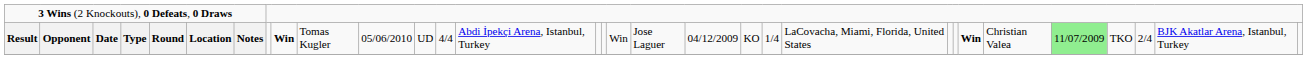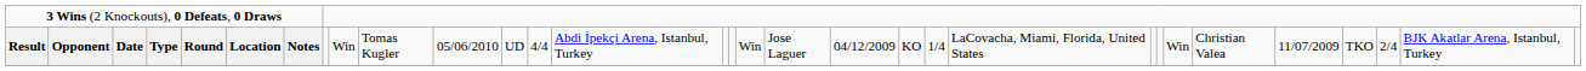 <table class=wikitable style="margin:0.5em auto; font-size:85%; text-align:center;">
 <tr>
 <td align=center colspan=7><strong>3 Wins</strong> (2 Knockouts), <strong>0 Defeats</strong>, <strong>0 Draws</strong></td>
 </tr>
 <tr>
 <th>Result</th>
 <th>Opponent</th>
 <th>Date</th>
 <th>Type</th>
 <th>Round</th>
 <th>Location</th>
 <th>Notes</th>
 <td></td>
-<td><strong>Win</strong></td>
+<td>Win</td>
 <td align=left> Tomas Kugler</td>
 <td>05/06/2010</td>
 <td>UD</td>
 <td>4/4</td>
 <td align=left> <a href='#'>Abdi İpekçi Arena</a>, Istanbul, Turkey</td>
 <td align=left></td>
 <td></td>
 <td>Win</td>
 <td align=left> Jose Laguer</td>
 <td>04/12/2009</td>
 <td>KO</td>
 <td>1/4</td>
 <td align=left> LaCovacha, Miami, Florida, United States</td>
 <td align=left></td>
 <td></td>
-<td><strong>Win</strong></td>
+<td>Win</td>
 <td align=left> Christian Valea</td>
-<td style="background: lightgreen;">11/07/2009</td>
+<td>11/07/2009</td>
 <td>TKO</td>
 <td>2/4</td>
 <td align=left> <a href='#'>BJK Akatlar Arena</a>, Istanbul, Turkey</td>
 <td align=left></td>
 </tr>
 <tr>
 </tr>
 </table>
